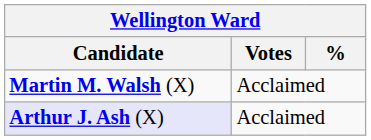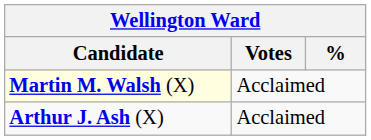 <table class="wikitable">
 <tr>
 <th colspan="3"><a href='#'>Wellington Ward</a></th>
 </tr>
 <tr>
 <th style="width: 170px">Candidate</th>
 <th style="width: 50px">Votes</th>
 <th style="width: 40px">%</th>
 </tr>
 <tr>
-<td><strong><a href='#'>Martin M. Walsh</a></strong> (X)</td>
+<td style="background: lightyellow;"><strong><a href='#'>Martin M. Walsh</a></strong> (X)</td>
 <td colspan="2">Acclaimed</td>
 </tr>
 <tr>
-<td style="background: lavender;"><strong><a href='#'>Arthur J. Ash</a></strong> (X)</td>
+<td><strong><a href='#'>Arthur J. Ash</a></strong> (X)</td>
 <td colspan="2">Acclaimed</td>
 </tr>
 </table>
